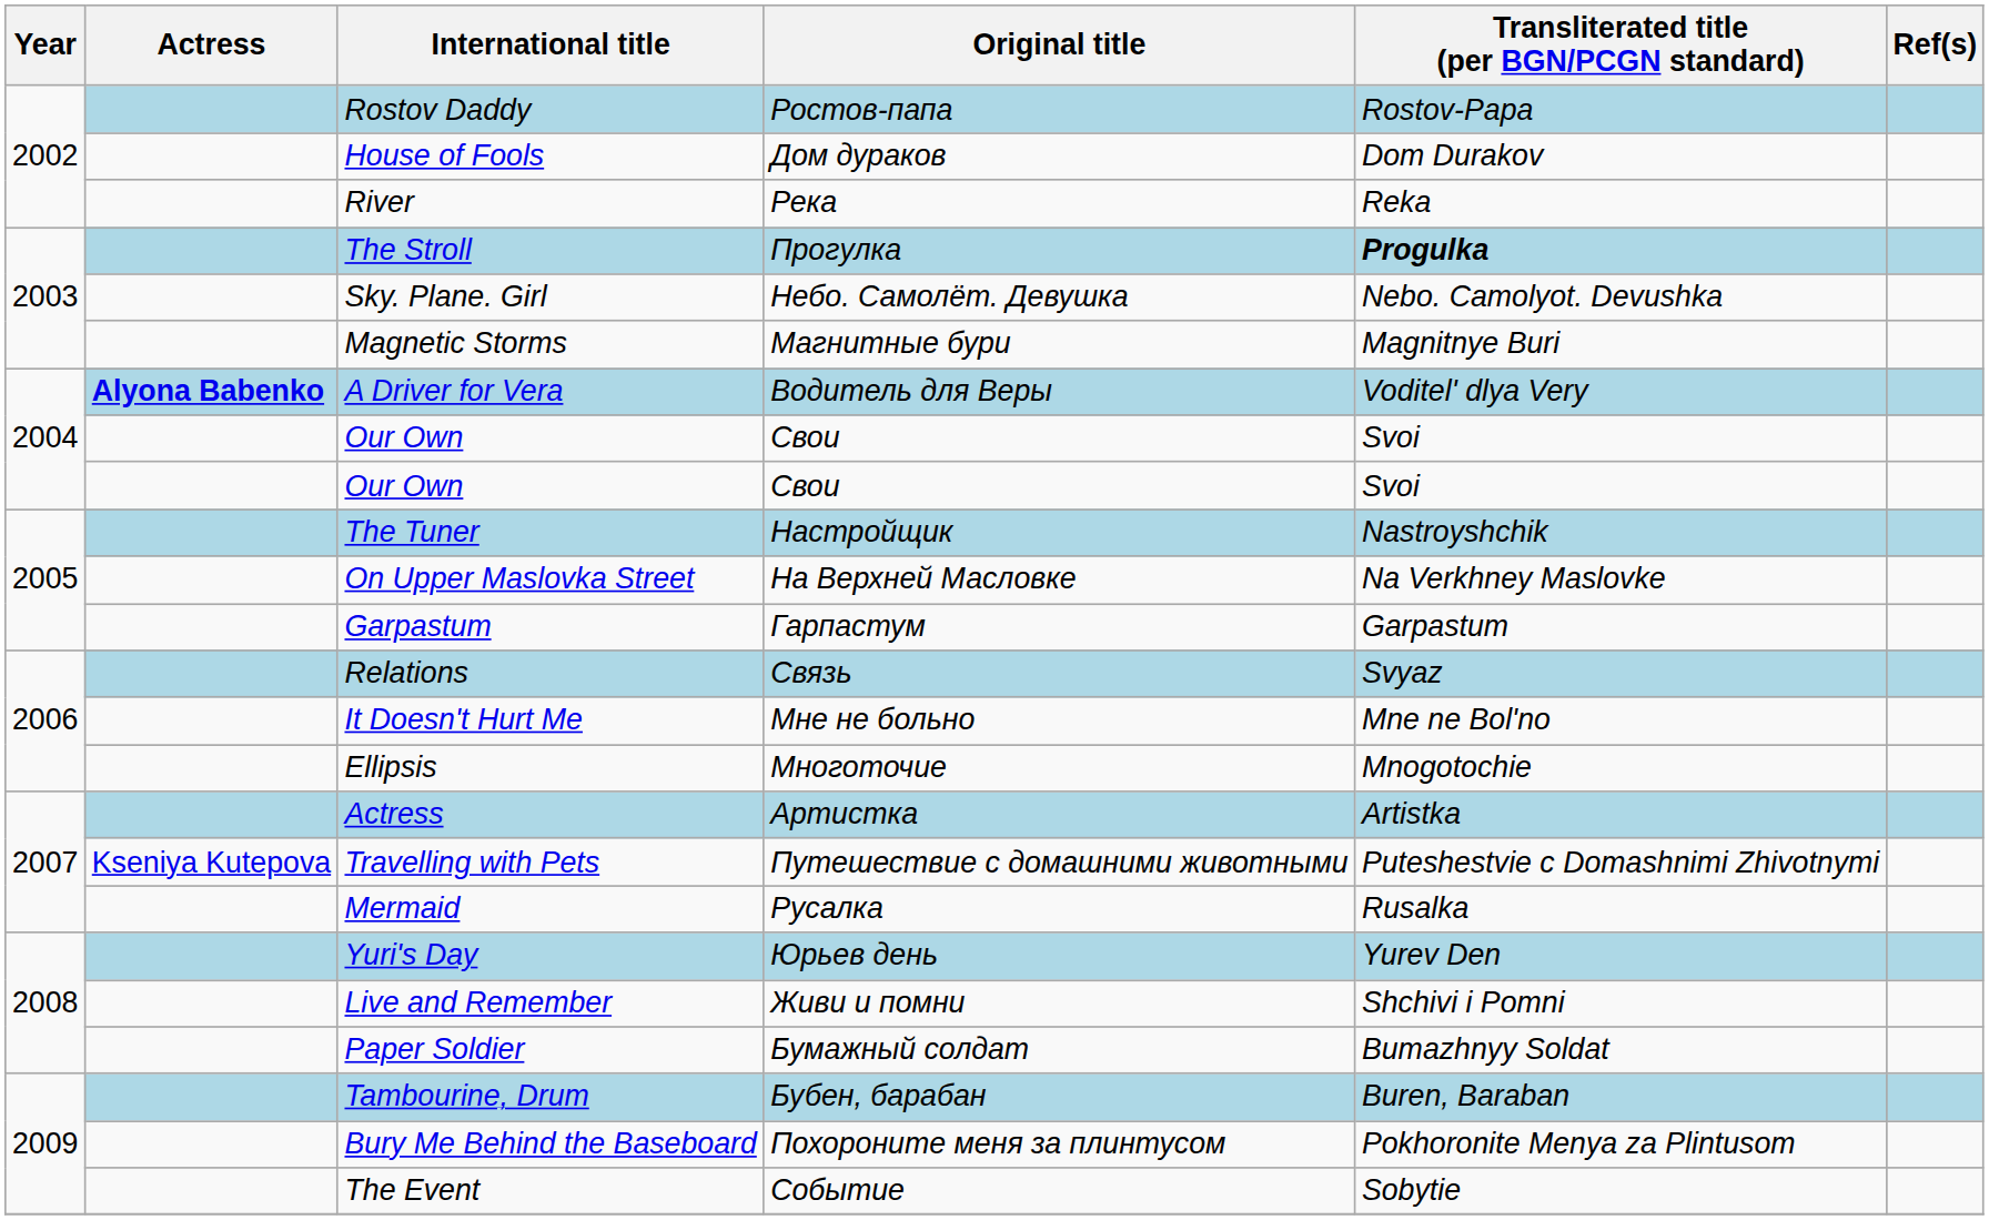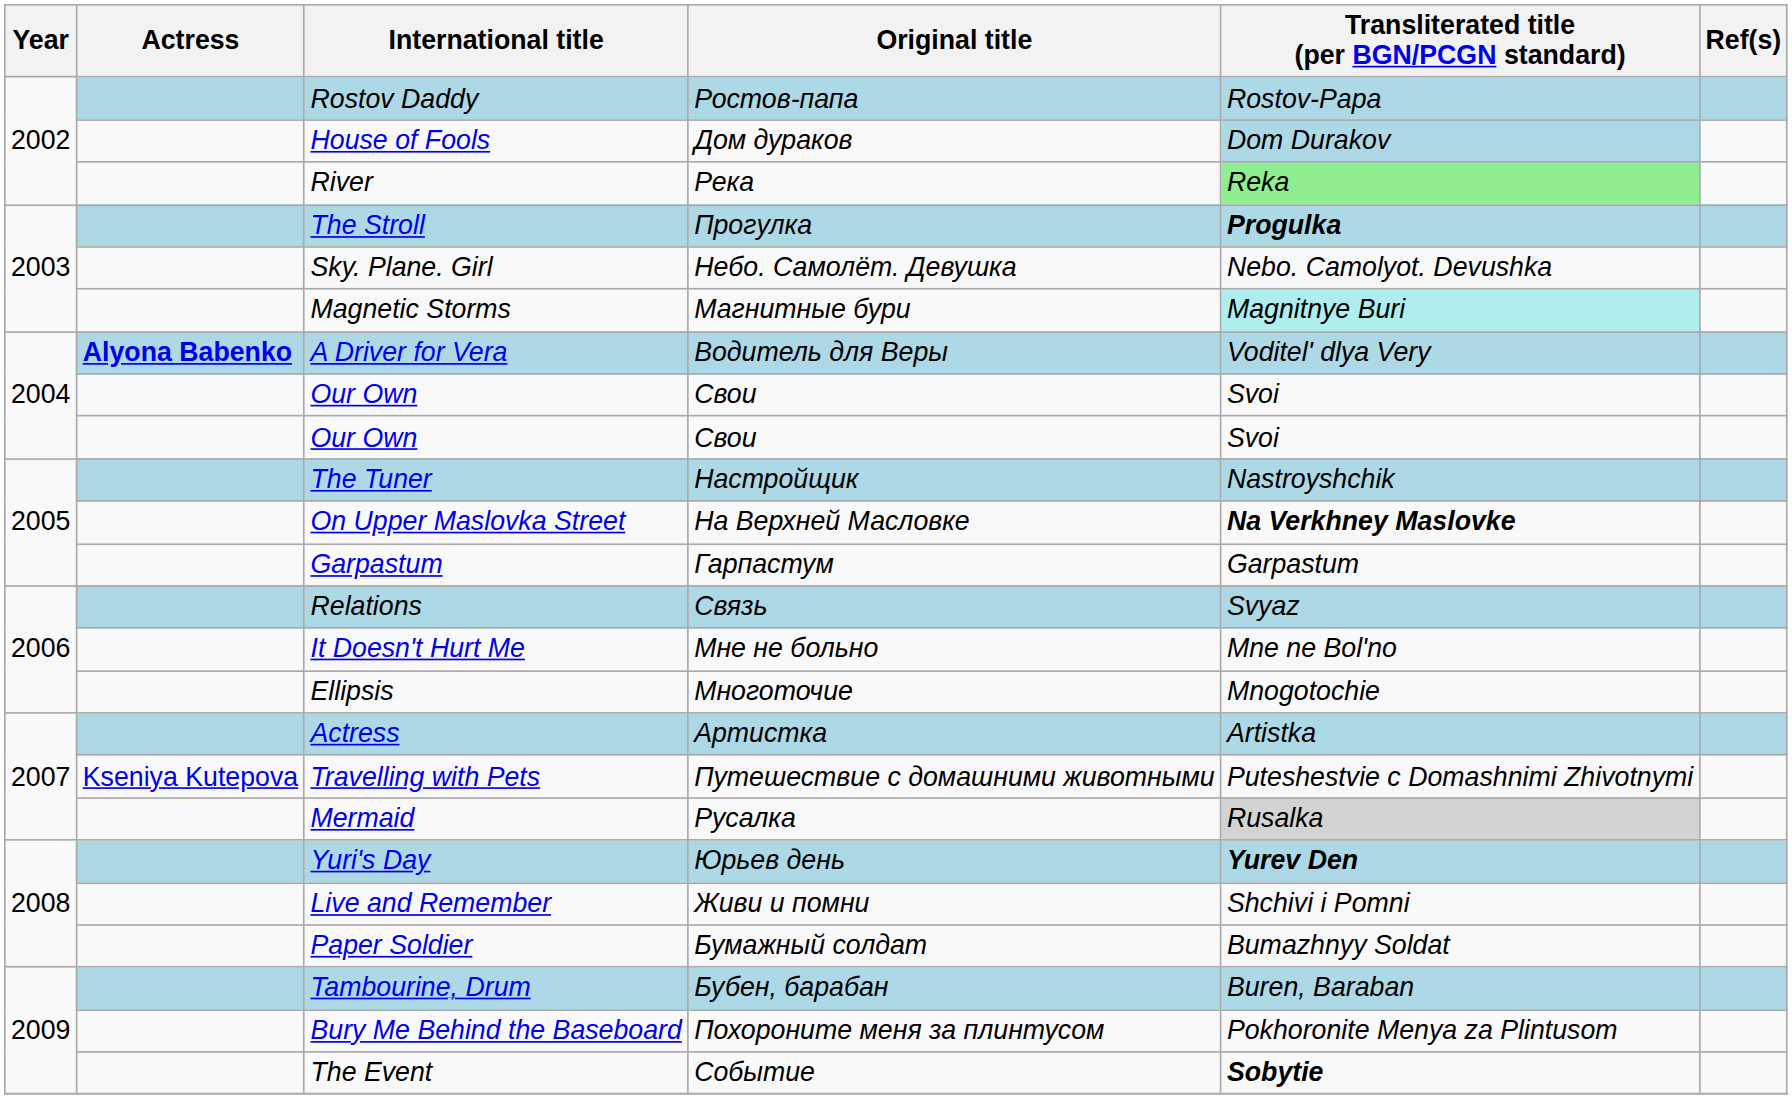 <table class="wikitable sortable">
 <tr>
 <th>Year</th>
 <th>Actress</th>
 <th>International title</th>
 <th>Original title</th>
 <th>Transliterated title<br>(per <a href='#'>BGN/PCGN</a> standard)</th>
 <th class="unsortable">Ref(s)</th>
 </tr>
 <tr>
 <td rowspan="3">2002</td>
 <td style="background-color:lightblue"><strong></strong></td>
 <td style="background-color:lightblue"><em>Rostov Daddy</em></td>
 <td style="background-color:lightblue"><em>Ростов-папа</em></td>
 <td style="background-color:lightblue"><em>Rostov-Papa</em></td>
 <td style="background-color:lightblue"></td>
 </tr>
 <tr>
 <td></td>
 <td><em><a href='#'>House of Fools</a></em></td>
 <td><em>Дом дураков</em></td>
-<td><em>Dom Durakov</em></td>
+<td style="background: lightblue;"><em>Dom Durakov</em></td>
 <td></td>
 </tr>
 <tr>
 <td></td>
 <td><em>River</em></td>
 <td><em>Река</em></td>
-<td><em>Reka</em></td>
+<td style="background: lightgreen;"><em>Reka</em></td>
 <td></td>
 </tr>
 <tr>
 <td rowspan="3">2003</td>
 <td style="background-color:lightblue"><strong></strong></td>
 <td style="background-color:lightblue"><em><a href='#'>The Stroll</a></em></td>
 <td style="background-color:lightblue"><em>Прогулка</em></td>
 <td style="background-color:lightblue"><strong><em>Progulka</em></strong></td>
 <td style="background-color:lightblue"></td>
 </tr>
 <tr>
 <td></td>
 <td><em>Sky. Plane. Girl</em></td>
 <td><em>Небо. Самолёт. Девушка</em></td>
 <td><em>Nebo. Camolyot. Devushka</em></td>
 <td></td>
 </tr>
 <tr>
 <td></td>
 <td><em>Magnetic Storms</em></td>
 <td><em>Магнитные бури</em></td>
-<td><em>Magnitnye Buri</em></td>
+<td style="background: paleturquoise;"><em>Magnitnye Buri</em></td>
 <td></td>
 </tr>
 <tr>
 <td rowspan="3">2004</td>
 <td style="background-color:lightblue"><strong><a href='#'>Alyona Babenko</a></strong></td>
 <td style="background-color:lightblue"><em><a href='#'>A Driver for Vera</a></em></td>
 <td style="background-color:lightblue"><em>Водитель для Веры</em></td>
 <td style="background-color:lightblue"><em>Voditel' dlya Very</em></td>
 <td style="background-color:lightblue"></td>
 </tr>
 <tr>
 <td></td>
 <td><em><a href='#'>Our Own</a></em></td>
 <td><em>Свои</em></td>
 <td><em>Svoi</em></td>
 <td></td>
 </tr>
 <tr>
 <td></td>
 <td><em><a href='#'>Our Own</a></em></td>
 <td><em>Свои</em></td>
 <td><em>Svoi</em></td>
 <td></td>
 </tr>
 <tr>
 <td rowspan="3">2005</td>
 <td style="background-color:lightblue"><strong></strong></td>
 <td style="background-color:lightblue"><em><a href='#'>The Tuner</a></em></td>
 <td style="background-color:lightblue"><em>Настройщик</em></td>
 <td style="background-color:lightblue"><em>Nastroyshchik</em></td>
 <td style="background-color:lightblue"></td>
 </tr>
 <tr>
 <td></td>
 <td><em><a href='#'>On Upper Maslovka Street</a></em></td>
 <td><em>На Верхней Масловке</em></td>
-<td><em>Na Verkhney Maslovke</em></td>
+<td><strong><em>Na Verkhney Maslovke</em></strong></td>
 <td></td>
 </tr>
 <tr>
 <td></td>
 <td><em><a href='#'>Garpastum</a></em></td>
 <td><em>Гарпастум</em></td>
 <td><em>Garpastum</em></td>
 <td></td>
 </tr>
 <tr>
 <td rowspan="3">2006</td>
 <td style="background-color:lightblue"><strong></strong></td>
 <td style="background-color:lightblue"><em>Relations</em></td>
 <td style="background-color:lightblue"><em>Связь</em></td>
 <td style="background-color:lightblue"><em>Svyaz</em></td>
 <td style="background-color:lightblue"></td>
 </tr>
 <tr>
 <td></td>
 <td><em><a href='#'>It Doesn't Hurt Me</a></em></td>
 <td><em>Мне не больно</em></td>
 <td><em>Mne ne Bol'no</em></td>
 <td></td>
 </tr>
 <tr>
 <td></td>
 <td><em>Ellipsis</em></td>
 <td><em>Многоточие</em></td>
 <td><em>Mnogotochie</em></td>
 <td></td>
 </tr>
 <tr>
 <td rowspan="3">2007</td>
 <td style="background-color:lightblue"><strong></strong></td>
 <td style="background-color:lightblue"><em><a href='#'>Actress</a></em></td>
 <td style="background-color:lightblue"><em>Артистка</em></td>
 <td style="background-color:lightblue"><em>Artistka</em></td>
 <td style="background-color:lightblue"></td>
 </tr>
 <tr>
 <td><a href='#'>Kseniya Kutepova</a></td>
 <td><em><a href='#'>Travelling with Pets</a></em></td>
 <td><em>Путешествие с домашними животными</em></td>
 <td><em>Puteshestvie c Domashnimi Zhivotnymi</em></td>
 <td></td>
 </tr>
 <tr>
 <td></td>
 <td><em><a href='#'>Mermaid</a></em></td>
 <td><em>Русалка</em></td>
-<td><em>Rusalka</em></td>
+<td style="background: lightgrey;"><em>Rusalka</em></td>
 <td></td>
 </tr>
 <tr>
 <td rowspan="3">2008</td>
 <td style="background-color:lightblue"><strong></strong></td>
 <td style="background-color:lightblue"><em><a href='#'>Yuri's Day</a></em></td>
 <td style="background-color:lightblue"><em>Юрьев день</em></td>
-<td style="background-color:lightblue"><em>Yurev Den</em></td>
+<td style="background-color:lightblue"><strong><em>Yurev Den</em></strong></td>
 <td style="background-color:lightblue"></td>
 </tr>
 <tr>
 <td></td>
 <td><em><a href='#'>Live and Remember</a></em></td>
 <td><em>Живи и помни</em></td>
 <td><em>Shchivi i Pomni</em></td>
 <td></td>
 </tr>
 <tr>
 <td></td>
 <td><em><a href='#'>Paper Soldier</a></em></td>
 <td><em>Бумажный солдат</em></td>
 <td><em>Bumazhnyy Soldat</em></td>
 <td></td>
 </tr>
 <tr>
 <td rowspan="3">2009</td>
 <td style="background-color:lightblue"><strong></strong></td>
 <td style="background-color:lightblue"><em><a href='#'>Tambourine, Drum</a></em></td>
 <td style="background-color:lightblue"><em>Бубен, барабан</em></td>
 <td style="background-color:lightblue"><em>Buren, Baraban</em></td>
 <td style="background-color:lightblue"></td>
 </tr>
 <tr>
 <td></td>
 <td><em><a href='#'>Bury Me Behind the Baseboard</a></em></td>
 <td><em>Похороните меня за плинтусом</em></td>
 <td><em>Pokhoronite Menya za Plintusom</em></td>
 <td></td>
 </tr>
 <tr>
 <td></td>
 <td><em>The Event</em></td>
 <td><em>Событие</em></td>
-<td><em>Sobytie</em></td>
+<td><strong><em>Sobytie</em></strong></td>
 <td></td>
 </tr>
 <tr>
 </tr>
 </table>
